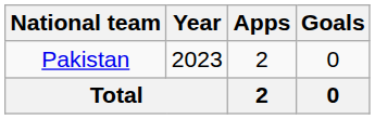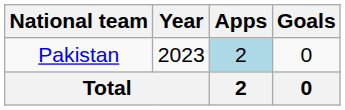 <table class="wikitable" style="text-align:center">
 <tr>
 <th>National team</th>
 <th>Year</th>
 <th>Apps</th>
 <th>Goals</th>
 </tr>
 <tr>
 <td><a href='#'>Pakistan</a></td>
 <td>2023</td>
-<td>2</td>
+<td style="background: lightblue;">2</td>
 <td>0</td>
 </tr>
 <tr>
 <th colspan="2">Total</th>
 <th>2</th>
 <th>0</th>
 </tr>
 </table>
